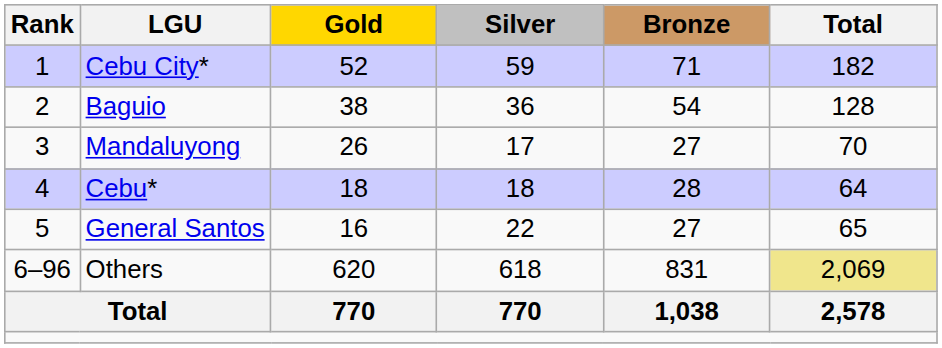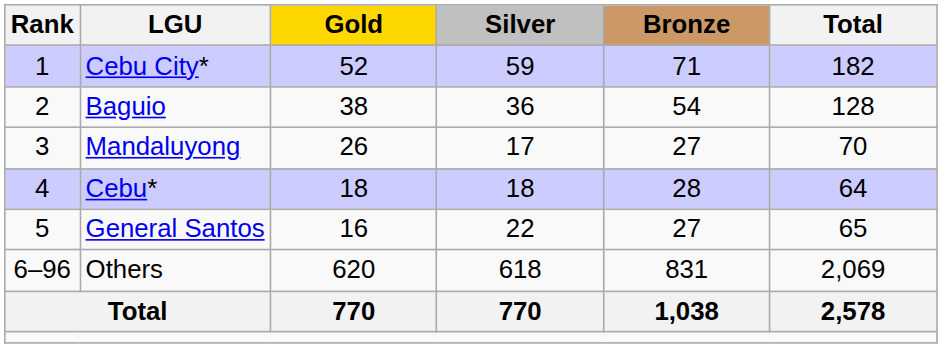 <table class="wikitable sortable plainrowheaders" style="text-align: center">
 <tr>
 <th scope="col">Rank</th>
 <th scope="col">LGU</th>
 <th scope="col" style="background-color:gold; width:6em;">Gold</th>
 <th scope="col" style="background-color:silver; width:6em;">Silver</th>
 <th scope="col" style="background-color:#cc9966; width:6em;">Bronze</th>
 <th scope="col" style="width:6em;">Total</th>
 </tr>
 <tr style="background:#ccf;">
 <td>1</td>
 <td align=left><a href='#'>Cebu City</a>*</td>
 <td>52</td>
 <td>59</td>
 <td>71</td>
 <td>182</td>
 </tr>
 <tr>
 <td>2</td>
 <td align=left><a href='#'>Baguio</a></td>
 <td>38</td>
 <td>36</td>
 <td>54</td>
 <td>128</td>
 </tr>
 <tr>
 <td>3</td>
 <td align=left><a href='#'>Mandaluyong</a></td>
 <td>26</td>
 <td>17</td>
 <td>27</td>
 <td>70</td>
 </tr>
 <tr style="background:#ccf;">
 <td>4</td>
 <td align=left><a href='#'>Cebu</a>*</td>
 <td>18</td>
 <td>18</td>
 <td>28</td>
 <td>64</td>
 </tr>
 <tr>
 <td>5</td>
 <td align=left><a href='#'>General Santos</a></td>
 <td>16</td>
 <td>22</td>
 <td>27</td>
 <td>65</td>
 </tr>
 <tr>
 <td>6–96</td>
 <td align=left>Others</td>
 <td>620</td>
 <td>618</td>
 <td>831</td>
-<td style="background: khaki;">2,069</td>
+<td>2,069</td>
 </tr>
 <tr class="sortbottom">
 <th colspan=2 align=left>Total</th>
 <th>770</th>
 <th>770</th>
 <th>1,038</th>
 <th>2,578</th>
 </tr>
 <tr class="sortbottom">
 <td colspan=6 align=left></td>
 </tr>
 </table>
